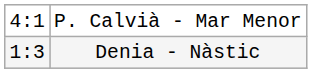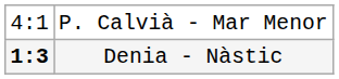 <table class="wikitable">
 <tr align=center bgcolor=white>
 <td>4:1</td>
 <td>P. Calvià - Mar Menor</td>
 </tr>
 <tr align=center bgcolor=#F5F5F5>
-<td>1:3</td>
+<td><strong>1:3</strong></td>
 <td>Denia - Nàstic</td>
 </tr>
 </table>
